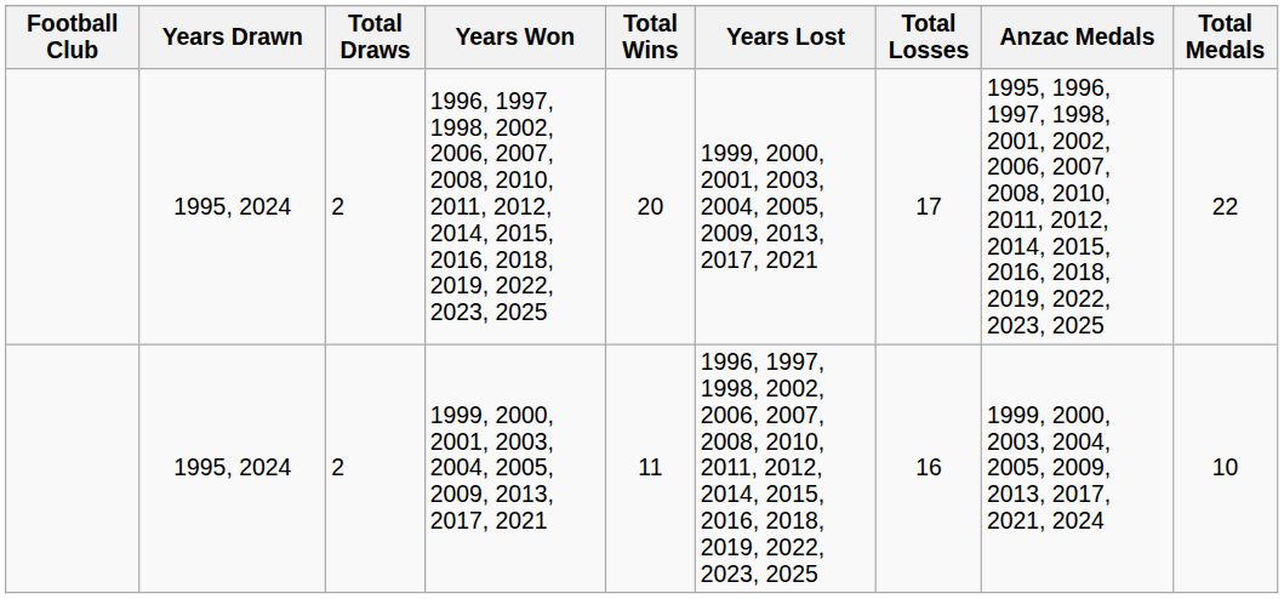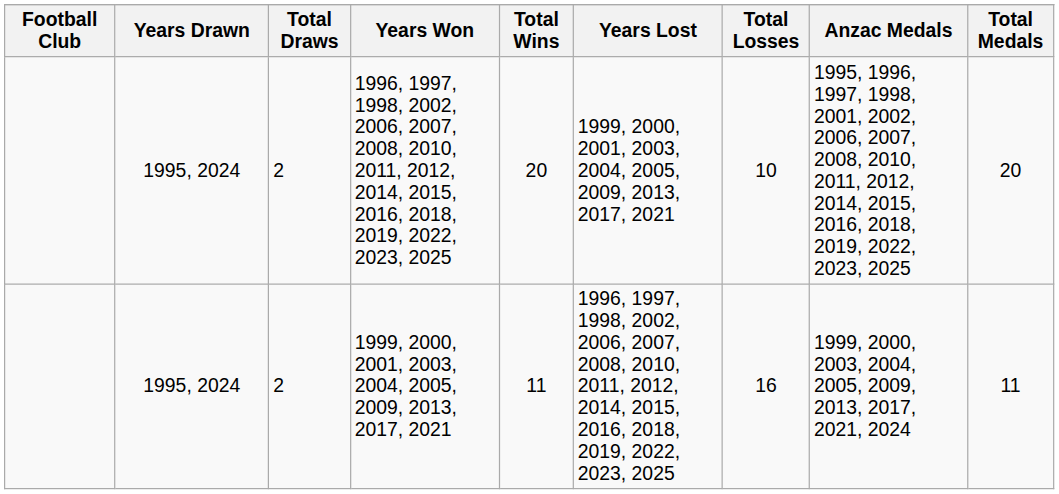 <table class="wikitable">
 <tr style="background:#87cefa;">
 </tr>
 <tr>
 <th scope="col" width="120">Football Club</th>
 <th scope="col" width="240">Years Drawn</th>
 <th scope="col" width="080">Total Draws</th>
 <th scope="col" width="240">Years Won</th>
 <th scope="col" width="080">Total Wins</th>
 <th scope="col" width="240">Years Lost</th>
 <th scope="col" width="080">Total Losses</th>
 <th scope="col" width="240">Anzac Medals</th>
 <th scope="col" width="080">Total Medals</th>
 </tr>
 <tr>
 <td></td>
 <td 1  align=center>1995, 2024</td>
 <td>2</td>
 <td>1996, 1997, 1998, 2002, 2006, 2007, 2008, 2010, 2011, 2012, 2014, 2015, 2016, 2018, 2019, 2022, 2023, 2025</td>
 <td 18  align=center>20</td>
 <td>1999, 2000, 2001, 2003, 2004, 2005, 2009, 2013, 2017, 2021</td>
-<td align="center">17</td>
+<td align="center">10</td>
 <td>1995, 1996, 1997, 1998, 2001, 2002, 2006, 2007, 2008, 2010, 2011, 2012, 2014, 2015, 2016, 2018, 2019, 2022, 2023, 2025</td>
-<td align=center>22</td>
+<td align=center>20</td>
 </tr>
 <tr>
 <td></td>
 <td 1  align=center>1995, 2024</td>
 <td>2</td>
 <td>1999, 2000, 2001, 2003, 2004, 2005, 2009, 2013, 2017, 2021</td>
 <td align="center">11</td>
 <td>1996, 1997, 1998, 2002, 2006, 2007, 2008, 2010, 2011, 2012, 2014, 2015, 2016, 2018, 2019, 2022, 2023, 2025</td>
 <td 17  align=center>16</td>
 <td>1999, 2000, 2003, 2004, 2005, 2009, 2013, 2017, 2021, 2024</td>
-<td align=center>10</td>
+<td align=center>11</td>
 </tr>
 </table>
